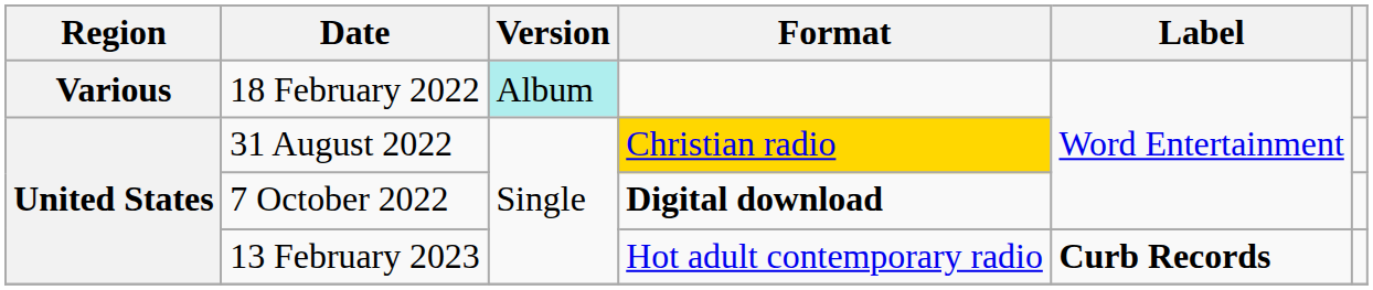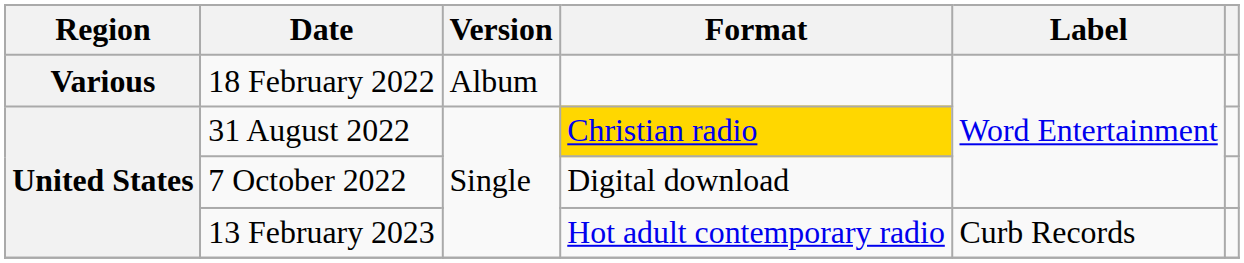 <table class="wikitable plainrowheaders">
 <tr>
 <th scope="col">Region</th>
 <th scope="col">Date</th>
 <th scope="col">Version</th>
 <th scope="col">Format</th>
 <th scope="col">Label</th>
 <th scope="col"></th>
 </tr>
 <tr>
 <th scope="row">Various</th>
 <td>18 February 2022</td>
-<td style="background: paleturquoise;">Album</td>
+<td>Album</td>
 <td></td>
 <td rowspan="3"><a href='#'>Word Entertainment</a></td>
 <td></td>
 </tr>
 <tr>
 <th scope="row" rowspan="3">United States</th>
 <td>31 August 2022</td>
 <td rowspan="3">Single<br></td>
 <td style="background: gold;"><a href='#'>Christian radio</a></td>
 <td></td>
 </tr>
 <tr>
 <td>7 October 2022</td>
-<td><strong>Digital download</strong></td>
+<td>Digital download</td>
 <td></td>
 </tr>
 <tr>
 <td>13 February 2023</td>
 <td><a href='#'>Hot adult contemporary radio</a></td>
-<td><strong>Curb Records</strong></td>
+<td>Curb Records</td>
 <td></td>
 </tr>
 <tr>
 </tr>
 </table>
